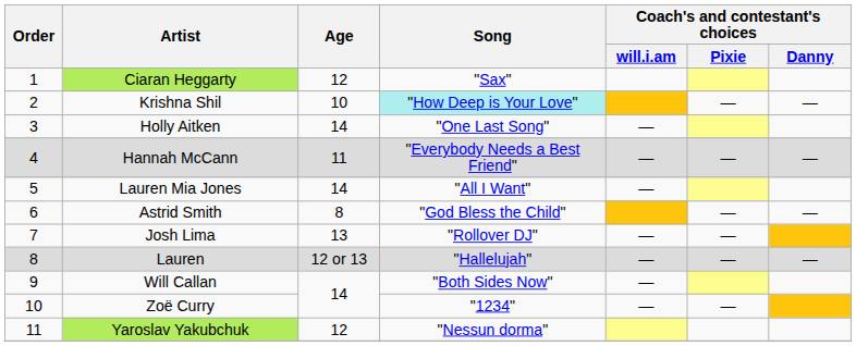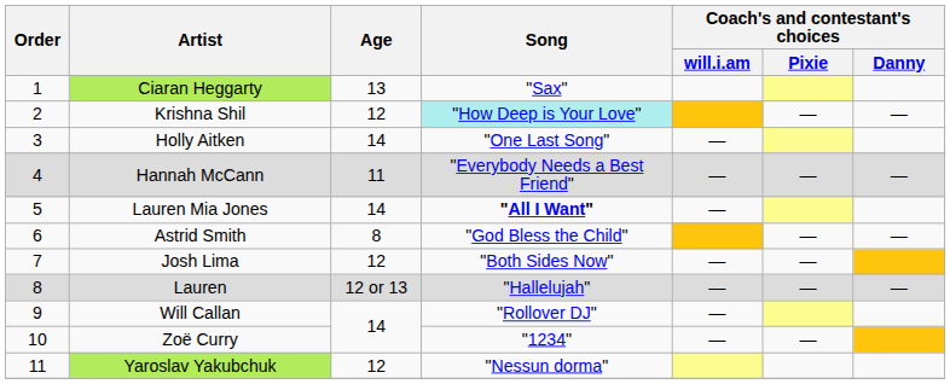 <table class="wikitable" style="text-align:center; line-height:17px; font-size:100%; width:100%;">
 <tr>
 <th scope="col" rowspan="2" width="05%">Order</th>
 <th scope="col" rowspan="2" width="23%">Artist</th>
 <th scope="col" rowspan="2" width="08%">Age</th>
 <th scope="col" rowspan="2" width="22%">Song</th>
 <th scope="col" colspan="3" width="24%">Coach's and contestant's choices</th>
 </tr>
 <tr>
 <th width="08%"><a href='#'>will.i.am</a></th>
 <th width="08%"><a href='#'>Pixie</a></th>
 <th width="08%"><a href='#'>Danny</a></th>
 </tr>
 <tr>
 <td scope="row">1</td>
 <td style="background-color:#B2EC5D;">Ciaran Heggarty</td>
-<td>12</td>
+<td>13</td>
 <td>"<a href='#'>Sax</a>"</td>
 <td><strong></strong></td>
 <td style="background:#fdfc8f;"><strong></strong></td>
 <td><strong></strong></td>
 </tr>
 <tr>
 <td scope="row">2</td>
 <td>Krishna Shil</td>
-<td>10</td>
+<td>12</td>
 <td style="background: paleturquoise;">"<a href='#'>How Deep is Your Love</a>"</td>
 <td style="background:#FFC40C;"><strong></strong></td>
 <td>—</td>
 <td>—</td>
 </tr>
 <tr>
 <td scope="row">3</td>
 <td>Holly Aitken</td>
 <td>14</td>
 <td>"<a href='#'>One Last Song</a>"</td>
 <td>—</td>
 <td style="background:#fdfc8f;"><strong></strong></td>
 <td><strong></strong></td>
 </tr>
 <tr bgcolor=#DCDCDC>
 <td scope="row">4</td>
 <td>Hannah McCann</td>
 <td>11</td>
 <td>"<a href='#'>Everybody Needs a Best Friend</a>"</td>
 <td>—</td>
 <td>—</td>
 <td>—</td>
 </tr>
 <tr>
 <td scope="row">5</td>
 <td>Lauren Mia Jones</td>
 <td>14</td>
-<td>"<a href='#'>All I Want</a>"</td>
+<td><strong>"<a href='#'>All I Want</a>"</strong></td>
 <td>—</td>
 <td style="background:#fdfc8f;"><strong></strong></td>
 <td><strong></strong></td>
 </tr>
 <tr>
 <td scope="row">6</td>
 <td>Astrid Smith</td>
 <td>8</td>
 <td>"<a href='#'>God Bless the Child</a>"</td>
 <td style="background:#FFC40C;"><strong></strong></td>
 <td>—</td>
 <td>—</td>
 </tr>
 <tr>
 <td scope="row">7</td>
 <td>Josh Lima</td>
-<td>13</td>
-<td>"<a href='#'>Rollover DJ</a>"</td>
+<td>12</td>
+<td>"<a href='#'>Both Sides Now</a>"</td>
 <td>—</td>
 <td>—</td>
 <td style="background:#FFC40C;"><strong></strong></td>
 </tr>
 <tr bgcolor=#DCDCDC>
 <td scope=“row”>8</td>
 <td>Lauren</td>
 <td>12 or 13</td>
 <td>"<a href='#'>Hallelujah</a>"</td>
 <td>—</td>
 <td>—</td>
 <td>—</td>
 </tr>
 <tr>
 <td scope=“row”>9</td>
 <td>Will Callan</td>
 <td rowspan="2">14</td>
-<td>"<a href='#'>Both Sides Now</a>"</td>
+<td>"<a href='#'>Rollover DJ</a>"</td>
 <td>—</td>
 <td style="background:#fdfc8f;"><strong></strong></td>
 <td><strong></strong></td>
 </tr>
 <tr>
 <td scope=“row”>10</td>
 <td>Zoë Curry</td>
 <td>"<a href='#'>1234</a>"</td>
 <td>—</td>
 <td>—</td>
 <td style="background:#FFC40C;"><strong></strong></td>
 </tr>
 <tr>
 <td scope=“row”>11</td>
 <td style="background-color:#B2EC5D;">Yaroslav Yakubchuk</td>
 <td>12</td>
 <td>"<a href='#'>Nessun dorma</a>"</td>
 <td style="background:#fdfc8f;"><strong></strong></td>
 <td><strong></strong></td>
 <td><strong></strong></td>
 </tr>
 <tr>
 </tr>
 </table>
